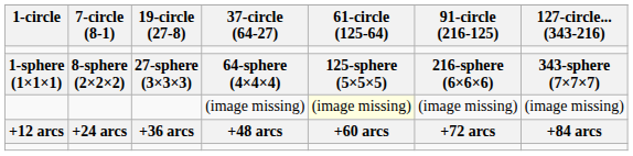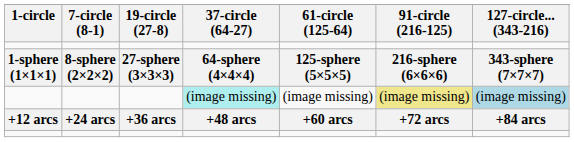 <table class="wikitable">
 <tr>
 </tr>
 <tr valign=top>
 <th>1-circle<br> </th>
 <th>7-circle<br>(8-1)</th>
 <th>19-circle<br>(27-8)</th>
 <th>37-circle<br>(64-27)</th>
 <th>61-circle<br>(125-64)</th>
 <th>91-circle<br>(216-125)</th>
 <th>127-circle...<br>(343-216)</th>
 </tr>
 <tr align=center valign=top>
 <td></td>
 <td></td>
 <td></td>
 <td></td>
 <td></td>
 <td></td>
 <td></td>
 </tr>
 <tr>
 <th>1-sphere<br>(1×1×1)</th>
 <th>8-sphere<br>(2×2×2)</th>
 <th>27-sphere<br>(3×3×3)</th>
 <th>64-sphere<br>(4×4×4)</th>
 <th>125-sphere<br>(5×5×5)</th>
 <th>216-sphere<br>(6×6×6)</th>
 <th>343-sphere<br>(7×7×7)</th>
 </tr>
 <tr>
 <td></td>
 <td></td>
 <td></td>
+<td style="background: paleturquoise;">(image missing)</td>
 <td>(image missing)</td>
-<td style="background: lightyellow;">(image missing)</td>
-<td>(image missing)</td>
-<td>(image missing)</td>
+<td style="background: khaki;">(image missing)</td>
+<td style="background: lightblue;">(image missing)</td>
 </tr>
 <tr valign=top>
 <th>+12 arcs</th>
 <th>+24 arcs</th>
 <th>+36 arcs</th>
 <th>+48 arcs</th>
 <th>+60 arcs</th>
 <th>+72 arcs</th>
 <th>+84 arcs</th>
 </tr>
 <tr align=center valign=top>
 <td></td>
 <td></td>
 <td></td>
 <td></td>
 <td></td>
 <td></td>
 <td></td>
 </tr>
 </table>
